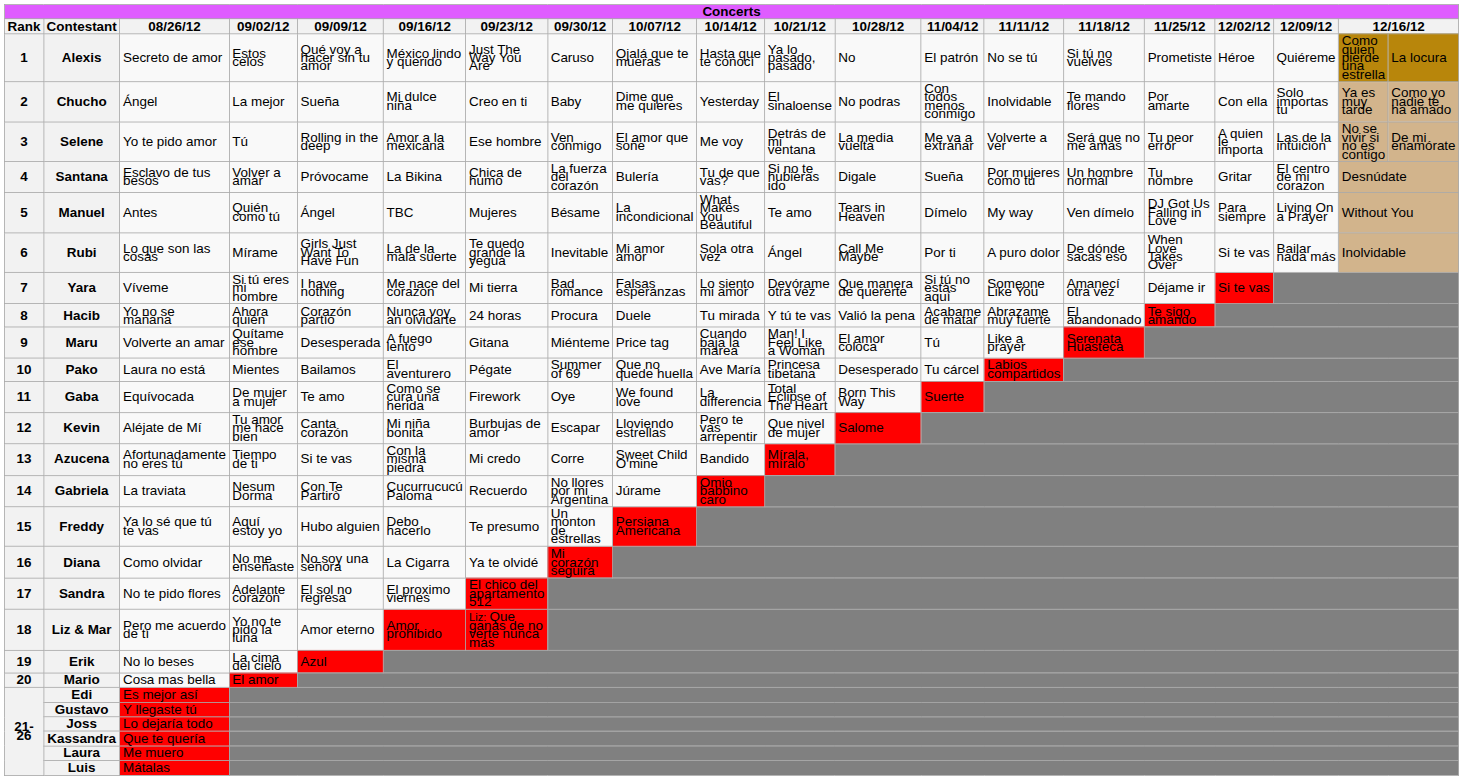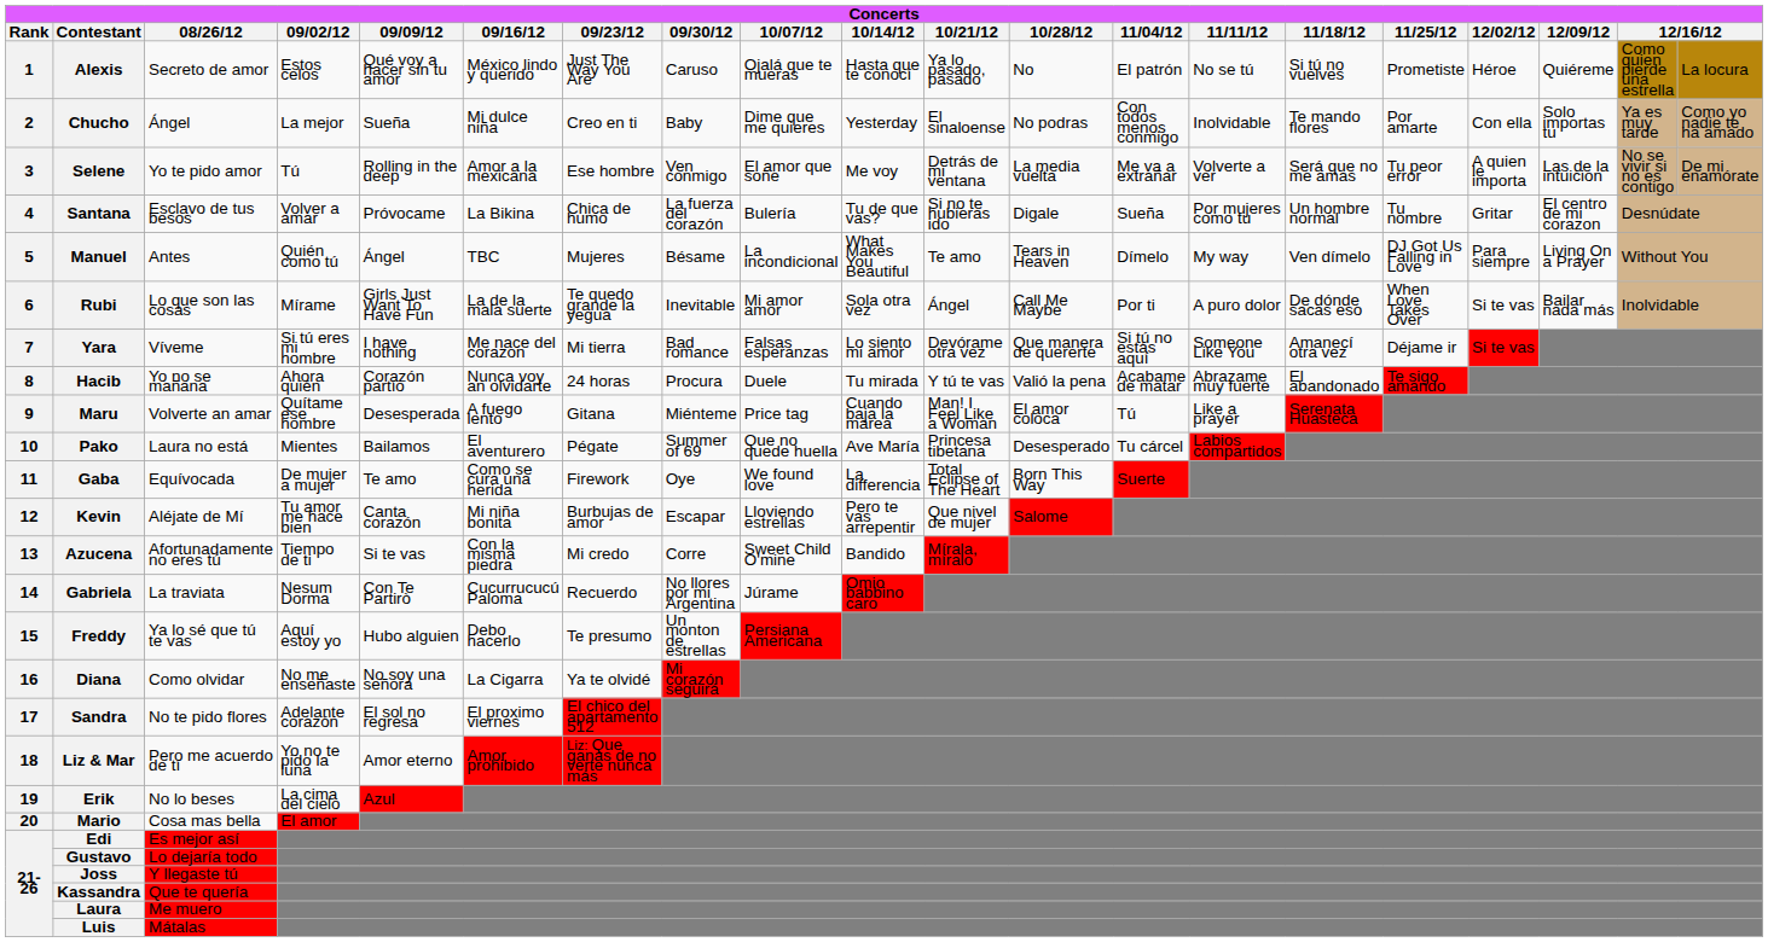 <table class="wikitable collapsible collapsed" style="text-align:left; line-height:10px; line-width:12px;">
 <tr>
 <th colspan="20" style="background:#DF5CFF;">Concerts</th>
 </tr>
 <tr>
 <th>Rank</th>
 <th>Contestant</th>
 <th>08/26/12</th>
 <th>09/02/12</th>
 <th>09/09/12</th>
 <th>09/16/12</th>
 <th>09/23/12</th>
 <th>09/30/12</th>
 <th>10/07/12</th>
 <th>10/14/12</th>
 <th>10/21/12</th>
 <th>10/28/12</th>
 <th>11/04/12</th>
 <th>11/11/12</th>
 <th>11/18/12</th>
 <th>11/25/12</th>
 <th>12/02/12</th>
 <th>12/09/12</th>
 <th colspan=2>12/16/12</th>
 </tr>
 <tr>
 <th>1</th>
 <th>Alexis</th>
 <td>Secreto de amor</td>
 <td>Estos celos</td>
 <td>Qué voy a hacer sin tu amor</td>
 <td>México lindo y querido</td>
 <td>Just The Way You Are</td>
 <td>Caruso</td>
 <td>Ojalá que te mueras</td>
 <td>Hasta que te conocí</td>
 <td>Ya lo pasado, pasado</td>
 <td>No</td>
 <td>El patrón</td>
 <td>No se tú</td>
 <td>Si tú no vuelves</td>
 <td>Prometiste</td>
 <td>Héroe</td>
 <td>Quiéreme</td>
 <td style="background:DarkGoldenrod;">Como quien pierde una estrella</td>
 <td style="background:DarkGoldenrod;">La locura</td>
 </tr>
 <tr>
 <th>2</th>
 <th>Chucho</th>
 <td>Ángel</td>
 <td>La mejor</td>
 <td>Sueña</td>
 <td>Mi dulce niña</td>
 <td>Creo en ti</td>
 <td>Baby</td>
 <td>Dime que me quieres</td>
 <td>Yesterday</td>
 <td>El sinaloense</td>
 <td>No podras</td>
 <td>Con todos menos conmigo</td>
 <td>Inolvidable</td>
 <td>Te mando flores</td>
 <td>Por amarte</td>
 <td>Con ella</td>
 <td>Solo importas tu</td>
 <td style="background:Tan;">Ya es muy tarde</td>
 <td style="background:Tan;">Como yo nadie te ha amado</td>
 </tr>
 <tr>
 <th>3</th>
 <th>Selene</th>
 <td>Yo te pido amor</td>
 <td>Tú</td>
 <td>Rolling in the deep</td>
 <td>Amor a la mexicana</td>
 <td>Ese hombre</td>
 <td>Ven conmigo</td>
 <td>El amor que soñe</td>
 <td>Me voy</td>
 <td>Detrás de mi ventana</td>
 <td>La media vuelta</td>
 <td>Me va a extrañar</td>
 <td>Volverte a ver</td>
 <td>Será que no me amas</td>
 <td>Tu peor error</td>
 <td>A quien le importa</td>
 <td>Las de la intuicion</td>
 <td style="background:Tan;">No se vivir si no es contigo</td>
 <td style="background:Tan;">De mi enamórate</td>
 </tr>
 <tr>
 <th>4</th>
 <th>Santana</th>
 <td>Esclavo de tus besos</td>
 <td>Volver a amar</td>
 <td>Próvocame</td>
 <td>La Bikina</td>
 <td>Chica de humo</td>
 <td>La fuerza del corazón</td>
 <td>Bulería</td>
 <td>Tu de que vas?</td>
 <td>Si no te hubieras ido</td>
 <td>Digale</td>
 <td>Sueña</td>
 <td>Por mujeres como tu</td>
 <td>Un hombre normal</td>
 <td>Tu nombre</td>
 <td>Gritar</td>
 <td>El centro de mi corazon</td>
 <td style="background:Tan;" colspan="2">Desnúdate</td>
 </tr>
 <tr>
 <th>5</th>
 <th>Manuel</th>
 <td>Antes</td>
 <td>Quién como tú</td>
 <td>Ángel</td>
 <td>TBC</td>
 <td>Mujeres</td>
 <td>Bésame</td>
 <td>La incondicional</td>
 <td>What Makes You Beautiful</td>
 <td>Te amo</td>
 <td>Tears in Heaven</td>
 <td>Dímelo</td>
 <td>My way</td>
 <td>Ven dímelo</td>
 <td>DJ Got Us Falling in Love</td>
 <td>Para siempre</td>
 <td>Living On a Prayer</td>
 <td style="background:Tan;" colspan="2">Without You</td>
 </tr>
 <tr>
 <th>6</th>
 <th>Rubi</th>
 <td>Lo que son las cosas</td>
 <td>Mírame</td>
 <td>Girls Just Want To Have Fun</td>
 <td>La de la mala suerte</td>
 <td>Te quedo grande la yegua</td>
 <td>Inevitable</td>
 <td>Mi amor amor</td>
 <td>Sola otra vez</td>
 <td>Ángel</td>
 <td>Call Me Maybe</td>
 <td>Por ti</td>
 <td>A puro dolor</td>
 <td>De dónde sacas eso</td>
 <td>When Love Takes Over</td>
 <td>Si te vas</td>
 <td>Bailar nada más</td>
 <td style="background:Tan;" colspan="2">Inolvidable</td>
 </tr>
 <tr>
 <th>7</th>
 <th>Yara</th>
 <td>Víveme</td>
 <td>Si tú eres mi hombre</td>
 <td>I have nothing</td>
 <td>Me nace del corazon</td>
 <td>Mi tierra</td>
 <td>Bad romance</td>
 <td>Falsas esperanzas</td>
 <td>Lo siento mi amor</td>
 <td>Devórame otra vez</td>
 <td>Que manera de quererte</td>
 <td>Si tú no estás aquí</td>
 <td>Someone Like You</td>
 <td>Amanecí otra vez</td>
 <td>Déjame ir</td>
 <td style="background:red;">Si te vas</td>
 <td style="background:gray;" colspan="20"></td>
 </tr>
 <tr>
 <th>8</th>
 <th>Hacib</th>
 <td>Yo no se mañana</td>
 <td>Ahora quién</td>
 <td>Corazón partío</td>
 <td>Nunca voy an olvidarte</td>
 <td>24 horas</td>
 <td>Procura</td>
 <td>Duele</td>
 <td>Tu mirada</td>
 <td>Y tú te vas</td>
 <td>Valió la pena</td>
 <td>Acabame de matar</td>
 <td>Abrazame muy fuerte</td>
 <td>El abandonado</td>
 <td style="background:red;">Te sigo amando</td>
 <td style="background:gray;" colspan="20"></td>
 </tr>
 <tr>
 <th>9</th>
 <th>Maru</th>
 <td>Volverte an amar</td>
 <td>Quítame ese hombre</td>
 <td>Desesperada</td>
 <td>A fuego lento</td>
 <td>Gitana</td>
 <td>Miénteme</td>
 <td>Price tag</td>
 <td>Cuando baja la marea</td>
 <td>Man! I Feel Like a Woman</td>
 <td>El amor coloca</td>
 <td>Tú</td>
 <td>Like a prayer</td>
 <td style="background:red;">Serenata Huasteca</td>
 <td style="background:gray;" colspan="20"></td>
 </tr>
 <tr>
 <th>10</th>
 <th>Pako</th>
 <td>Laura no está</td>
 <td>Mientes</td>
 <td>Bailamos</td>
 <td>El aventurero</td>
 <td>Pégate</td>
 <td>Summer of 69</td>
 <td>Que no quede huella</td>
 <td>Ave María</td>
 <td>Princesa tibetana</td>
 <td>Desesperado</td>
 <td>Tu cárcel</td>
 <td style="background:red;">Labios compartidos</td>
 <td style="background:gray;" colspan="20"></td>
 </tr>
 <tr>
 <th>11</th>
 <th>Gaba</th>
 <td>Equívocada</td>
 <td>De mujer a mujer</td>
 <td>Te amo</td>
 <td>Como se cura una herida</td>
 <td>Firework</td>
 <td>Oye</td>
 <td>We found love</td>
 <td>La differencia</td>
 <td>Total Eclipse of The Heart</td>
 <td>Born This Way</td>
 <td style="background:red;">Suerte</td>
 <td style="background:gray;" colspan="20"></td>
 </tr>
 <tr>
 <th>12</th>
 <th>Kevin</th>
 <td>Aléjate de Mí</td>
 <td>Tu amor me hace bien</td>
 <td>Canta corazón</td>
 <td>Mi niña bonita</td>
 <td>Burbujas de amor</td>
 <td>Escapar</td>
 <td>Lloviendo estrellas</td>
 <td>Pero te vas arrepentir</td>
 <td>Que nivel de mujer</td>
 <td style="background:red;">Salome</td>
 <td style="background:gray;" colspan="20"></td>
 </tr>
 <tr>
 <th>13</th>
 <th>Azucena</th>
 <td>Afortunadamente no eres tú</td>
 <td>Tiempo de ti</td>
 <td>Si te vas</td>
 <td>Con la misma piedra</td>
 <td>Mi credo</td>
 <td>Corre</td>
 <td>Sweet Child O'mine</td>
 <td>Bandido</td>
 <td style="background:red;">Mírala, míralo</td>
 <td style="background:gray;" colspan="20"></td>
 </tr>
 <tr>
 <th>14</th>
 <th>Gabriela</th>
 <td>La traviata</td>
 <td>Nesum Dorma</td>
 <td>Con Te Partirò</td>
 <td>Cucurrucucú Paloma</td>
 <td>Recuerdo</td>
 <td>No llores por mi Argentina</td>
 <td>Júrame</td>
 <td style="background:red;">Omio babbino caro</td>
 <td style="background:gray;" colspan="20"></td>
 </tr>
 <tr>
 <th>15</th>
 <th>Freddy</th>
 <td>Ya lo sé que tú te vas</td>
 <td>Aquí estoy yo</td>
 <td>Hubo alguien</td>
 <td>Debo hacerlo</td>
 <td>Te presumo</td>
 <td>Un monton de estrellas</td>
 <td style="background:red;">Persiana Americana</td>
 <td style="background:gray;" colspan="20"></td>
 </tr>
 <tr>
 <th>16</th>
 <th>Diana</th>
 <td>Como olvidar</td>
 <td>No me enseñaste</td>
 <td>No soy una señora</td>
 <td>La Cigarra</td>
 <td>Ya te olvidé</td>
 <td style="background:red;">Mi corazón seguirá</td>
 <td style="background:gray;" colspan="20"></td>
 </tr>
 <tr>
 <th>17</th>
 <th>Sandra</th>
 <td>No te pido flores</td>
 <td>Adelante corazón</td>
 <td>El sol no regresa</td>
 <td>El proximo viernes</td>
 <td style="background:red;">El chico del apartamento 512</td>
 <td style="background:gray;" colspan="20"></td>
 </tr>
 <tr>
 <th>18</th>
 <th>Liz & Mar</th>
 <td>Pero me acuerdo de tí</td>
 <td>Yo no te pido la luna</td>
 <td>Amor eterno</td>
 <td style="background:red;">Amor prohibido</td>
 <td style="background:red;"><small> Liz: </small>Que ganas de no verte nunca más</td>
 <td style="background:gray;" colspan="20"></td>
 </tr>
 <tr>
 <th>19</th>
 <th>Erik</th>
 <td>No lo beses</td>
 <td>La cima del cielo</td>
 <td style="background:red;">Azul</td>
 <td style="background:gray;" colspan="20"></td>
 </tr>
 <tr>
 <th>20</th>
 <th>Mario</th>
 <td>Cosa mas bella</td>
 <td style="background:red;">El amor</td>
 <td style="background:gray;" colspan="20"></td>
 </tr>
 <tr>
 <th rowspan=6>21-26</th>
 <th>Edi</th>
 <td style="background:red;">Es mejor así</td>
 <td style="background:gray;" colspan="20"></td>
 </tr>
 <tr>
 <th>Gustavo</th>
-<td style="background:red;">Y llegaste tú</td>
+<td style="background:red;">Lo dejaría todo</td>
 <td style="background:gray;" colspan="20"></td>
 </tr>
 <tr>
 <th>Joss</th>
-<td style="background:red;">Lo dejaría todo</td>
+<td style="background:red;">Y llegaste tú</td>
 <td style="background:gray;" colspan="20"></td>
 </tr>
 <tr>
 <th>Kassandra</th>
 <td style="background:red;">Que te quería</td>
 <td style="background:gray;" colspan="20"></td>
 </tr>
 <tr>
 <th>Laura</th>
 <td style="background:red;">Me muero</td>
 <td style="background:gray;" colspan="20"></td>
 </tr>
 <tr>
 <th>Luis</th>
 <td style="background:red;">Mátalas</td>
 <td style="background:gray;" colspan="20"></td>
 </tr>
 </table>
